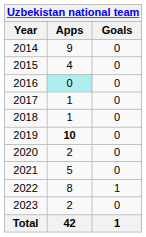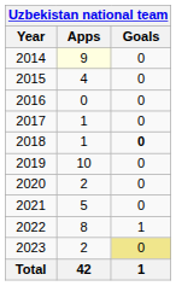 <table class="wikitable" style="text-align:center">
 <tr>
 <th colspan=3><a href='#'>Uzbekistan national team</a></th>
 </tr>
 <tr>
 <th>Year</th>
 <th>Apps</th>
 <th>Goals</th>
 </tr>
 <tr>
 <td>2014</td>
-<td>9</td>
+<td style="background: lightyellow;">9</td>
 <td>0</td>
 </tr>
 <tr>
 <td>2015</td>
 <td>4</td>
 <td>0</td>
 </tr>
 <tr>
 <td>2016</td>
-<td style="background: paleturquoise;">0</td>
+<td>0</td>
 <td>0</td>
 </tr>
 <tr>
 <td>2017</td>
 <td>1</td>
 <td>0</td>
 </tr>
 <tr>
 <td>2018</td>
 <td>1</td>
-<td>0</td>
+<td><strong>0</strong></td>
 </tr>
 <tr>
 <td>2019</td>
-<td><strong>10</strong></td>
+<td>10</td>
 <td>0</td>
 </tr>
 <tr>
 <td>2020</td>
 <td>2</td>
 <td>0</td>
 </tr>
 <tr>
 <td>2021</td>
 <td>5</td>
 <td>0</td>
 </tr>
 <tr>
 <td>2022</td>
 <td>8</td>
 <td>1</td>
 </tr>
 <tr>
 <td>2023</td>
 <td>2</td>
-<td>0</td>
+<td style="background: khaki;">0</td>
 </tr>
 <tr>
 <th>Total</th>
 <th>42</th>
 <th>1</th>
 </tr>
 </table>
